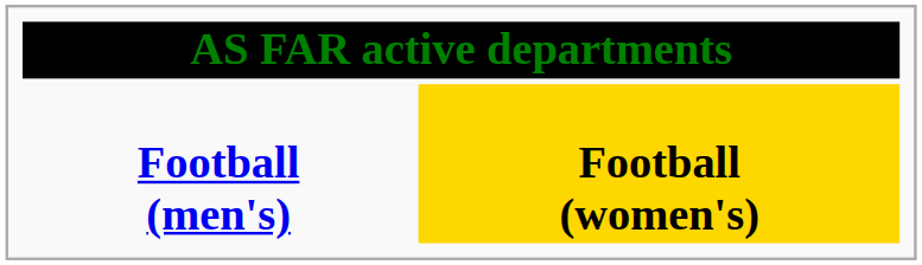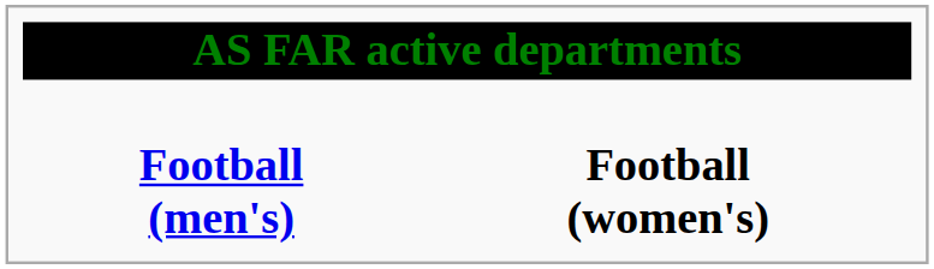 <table class="infobox" style="width: 20em; font-size: 95%em;">
 <tr style="color: green; background:black; text-align:center;">
 <th colspan="3" style="text-align: center">AS FAR active departments</th>
 </tr>
 <tr style="text-align: center">
 <td><br><strong><a href='#'>Football<br>(men's)</a></strong></td>
-<td style="background: gold;"><br><strong>Football<br>(women's)</strong></td>
+<td><br><strong>Football<br>(women's)</strong></td>
 </tr>
 </table>
